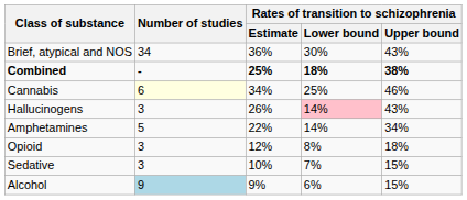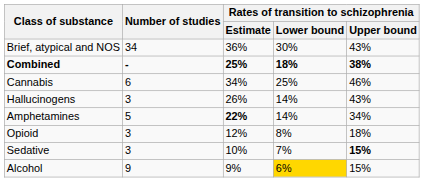 <table class="wikitable">
 <tr>
 <th rowspan="2">Class of substance</th>
 <th rowspan="2">Number of studies</th>
 <th colspan="3">Rates of transition to schizophrenia</th>
 </tr>
 <tr>
 <th>Estimate</th>
 <th>Lower bound</th>
 <th>Upper bound</th>
 </tr>
 <tr>
 <td>Brief, atypical and NOS</td>
 <td>34</td>
 <td>36%</td>
 <td>30%</td>
 <td>43%</td>
 </tr>
 <tr>
 <td><strong>Combined</strong></td>
 <td><strong>-</strong></td>
 <td><strong>25%</strong></td>
 <td><strong>18%</strong></td>
 <td><strong>38%</strong></td>
 </tr>
 <tr>
 <td>Cannabis</td>
-<td style="background: lightyellow;">6</td>
+<td>6</td>
 <td>34%</td>
 <td>25%</td>
 <td>46%</td>
 </tr>
 <tr>
 <td>Hallucinogens</td>
 <td>3</td>
 <td>26%</td>
-<td style="background: pink;">14%</td>
+<td>14%</td>
 <td>43%</td>
 </tr>
 <tr>
 <td>Amphetamines</td>
 <td>5</td>
-<td>22%</td>
+<td><strong>22%</strong></td>
 <td>14%</td>
 <td>34%</td>
 </tr>
 <tr>
 <td>Opioid</td>
 <td>3</td>
 <td>12%</td>
 <td>8%</td>
 <td>18%</td>
 </tr>
 <tr>
 <td>Sedative</td>
 <td>3</td>
 <td>10%</td>
 <td>7%</td>
-<td>15%</td>
+<td><strong>15%</strong></td>
 </tr>
 <tr>
 <td>Alcohol</td>
-<td style="background: lightblue;">9</td>
+<td>9</td>
 <td>9%</td>
-<td>6%</td>
+<td style="background: gold;">6%</td>
 <td>15%</td>
 </tr>
 </table>
